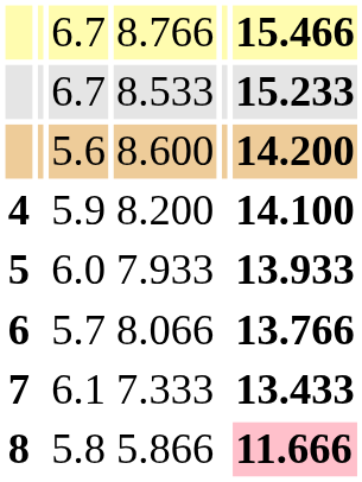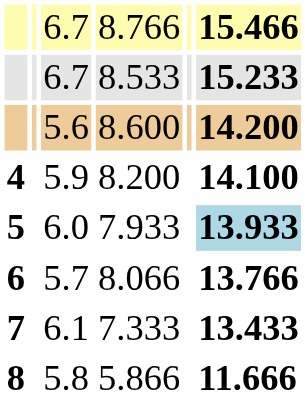 <table>
 <tr style="background:#fffcaf;">
 <th scope=row style="text-align:center"></th>
 <td style="text-align:left;"></td>
 <td>6.7</td>
 <td>8.766</td>
 <td></td>
 <td><strong>15.466</strong></td>
 </tr>
 <tr style="background:#e5e5e5;">
 <th scope=row style="text-align:center"></th>
 <td style="text-align:left;"></td>
 <td>6.7</td>
 <td>8.533</td>
 <td></td>
 <td><strong>15.233</strong></td>
 </tr>
 <tr style="background:#ec9;">
 <th scope=row style="text-align:center"></th>
 <td style="text-align:left;"></td>
 <td>5.6</td>
 <td>8.600</td>
 <td></td>
 <td><strong>14.200</strong></td>
 </tr>
 <tr>
 <th scope=row style="text-align:center">4</th>
 <td style="text-align:left;"></td>
 <td>5.9</td>
 <td>8.200</td>
 <td></td>
 <td><strong>14.100</strong></td>
 </tr>
 <tr>
 <th scope=row style="text-align:center">5</th>
 <td style="text-align:left;"></td>
 <td>6.0</td>
 <td>7.933</td>
 <td></td>
-<td><strong>13.933</strong></td>
+<td style="background: lightblue;"><strong>13.933</strong></td>
 </tr>
 <tr>
 <th scope=row style="text-align:center">6</th>
 <td style="text-align:left;"></td>
 <td>5.7</td>
 <td>8.066</td>
 <td></td>
 <td><strong>13.766</strong></td>
 </tr>
 <tr>
 <th scope=row style="text-align:center">7</th>
 <td style="text-align:left;"></td>
 <td>6.1</td>
 <td>7.333</td>
 <td></td>
 <td><strong>13.433</strong></td>
 </tr>
 <tr>
 <th scope=row style="text-align:center">8</th>
 <td style="text-align:left;"></td>
 <td>5.8</td>
 <td>5.866</td>
 <td></td>
-<td style="background: pink;"><strong>11.666</strong></td>
+<td><strong>11.666</strong></td>
 </tr>
 </table>
